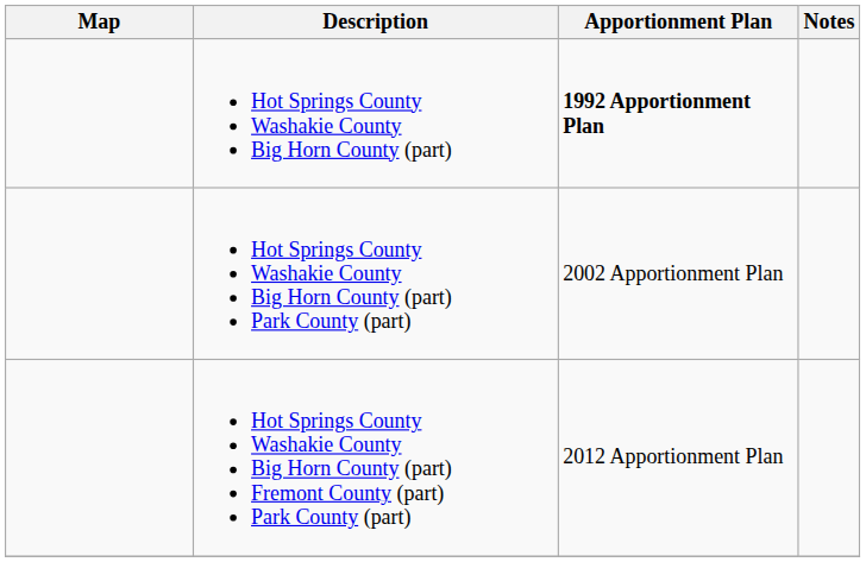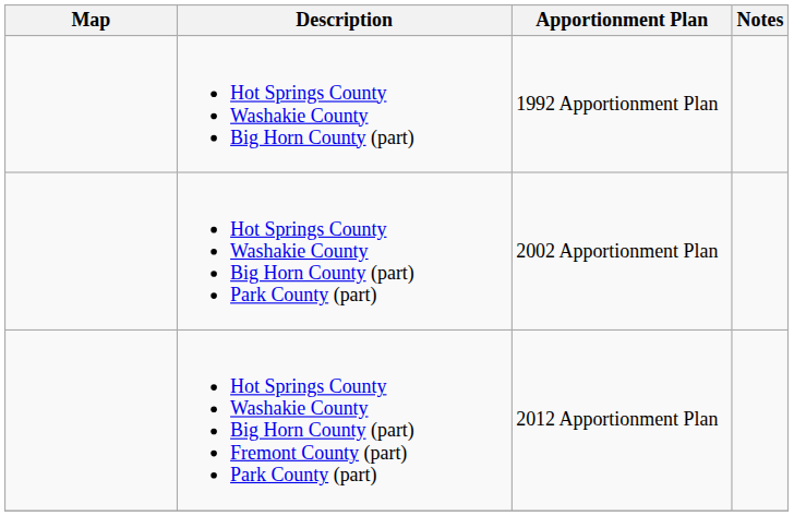 <table class="wikitable sortable">
 <tr>
 <th style="width:100pt;">Map</th>
 <th style="width:200pt;">Description</th>
 <th style="width:130pt;">Apportionment Plan</th>
 <th style="width:15pt;">Notes</th>
 </tr>
 <tr>
 <td></td>
 <td><br><ul><li><a href='#'>Hot Springs County</a></li><li><a href='#'>Washakie County</a></li><li><a href='#'>Big Horn County</a> (part)</li></ul></td>
-<td><strong>1992 Apportionment Plan</strong></td>
+<td>1992 Apportionment Plan</td>
 <td></td>
 </tr>
 <tr>
 <td></td>
 <td><br><ul><li><a href='#'>Hot Springs County</a></li><li><a href='#'>Washakie County</a></li><li><a href='#'>Big Horn County</a> (part)</li><li><a href='#'>Park County</a> (part)</li></ul></td>
 <td>2002 Apportionment Plan</td>
 <td></td>
 </tr>
 <tr>
 <td></td>
 <td><br><ul><li><a href='#'>Hot Springs County</a></li><li><a href='#'>Washakie County</a></li><li><a href='#'>Big Horn County</a> (part)</li><li><a href='#'>Fremont County</a> (part)</li><li><a href='#'>Park County</a> (part)</li></ul></td>
 <td>2012 Apportionment Plan</td>
 <td></td>
 </tr>
 <tr>
 </tr>
 </table>
